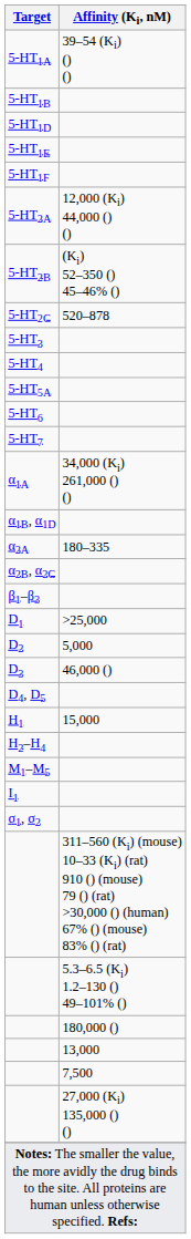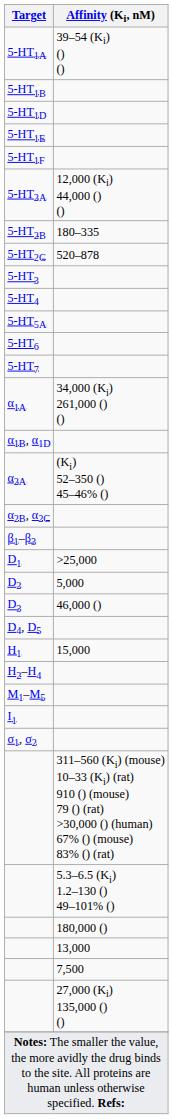 <table class="wikitable floatleft" style="font-size:small;">
 <tr>
 <th><a href='#'>Target</a></th>
 <th><a href='#'>Affinity</a> (K<sub>i</sub>, nM)</th>
 </tr>
 <tr>
 <td><a href='#'>5-HT<sub>1A</sub></a></td>
 <td>39–54 (K<sub>i</sub>)<br> ()<br> ()</td>
 </tr>
 <tr>
 <td><a href='#'>5-HT<sub>1B</sub></a></td>
 <td></td>
 </tr>
 <tr>
 <td><a href='#'>5-HT<sub>1D</sub></a></td>
 <td></td>
 </tr>
 <tr>
 <td><a href='#'>5-HT<sub>1E</sub></a></td>
 <td></td>
 </tr>
 <tr>
 <td><a href='#'>5-HT<sub>1F</sub></a></td>
 <td></td>
 </tr>
 <tr>
 <td><a href='#'>5-HT<sub>2A</sub></a></td>
 <td>12,000 (K<sub>i</sub>)<br>44,000 ()<br> ()</td>
 </tr>
 <tr>
 <td><a href='#'>5-HT<sub>2B</sub></a></td>
-<td> (K<sub>i</sub>)<br>52–350 ()<br>45–46% ()</td>
+<td>180–335</td>
 </tr>
 <tr>
 <td><a href='#'>5-HT<sub>2C</sub></a></td>
 <td>520–878</td>
 </tr>
 <tr>
 <td><a href='#'>5-HT<sub>3</sub></a></td>
 <td></td>
 </tr>
 <tr>
 <td><a href='#'>5-HT<sub>4</sub></a></td>
 <td></td>
 </tr>
 <tr>
 <td><a href='#'>5-HT<sub>5A</sub></a></td>
 <td></td>
 </tr>
 <tr>
 <td><a href='#'>5-HT<sub>6</sub></a></td>
 <td></td>
 </tr>
 <tr>
 <td><a href='#'>5-HT<sub>7</sub></a></td>
 <td></td>
 </tr>
 <tr>
 <td><a href='#'>α<sub>1A</sub></a></td>
 <td>34,000 (K<sub>i</sub>)<br>261,000 ()<br> ()</td>
 </tr>
 <tr>
 <td><a href='#'>α<sub>1B</sub></a>, <a href='#'>α<sub>1D</sub></a></td>
 <td></td>
 </tr>
 <tr>
 <td><a href='#'>α<sub>2A</sub></a></td>
-<td>180–335</td>
+<td> (K<sub>i</sub>)<br>52–350 ()<br>45–46% ()</td>
 </tr>
 <tr>
 <td><a href='#'>α<sub>2B</sub></a>, <a href='#'>α<sub>2C</sub></a></td>
 <td></td>
 </tr>
 <tr>
 <td><a href='#'>β<sub>1</sub></a>–<a href='#'>β<sub>3</sub></a></td>
 <td></td>
 </tr>
 <tr>
 <td><a href='#'>D<sub>1</sub></a></td>
 <td>>25,000</td>
 </tr>
 <tr>
 <td><a href='#'>D<sub>2</sub></a></td>
 <td>5,000</td>
 </tr>
 <tr>
 <td><a href='#'>D<sub>3</sub></a></td>
 <td>46,000 ()</td>
 </tr>
 <tr>
 <td><a href='#'>D<sub>4</sub></a>, <a href='#'>D<sub>5</sub></a></td>
 <td></td>
 </tr>
 <tr>
 <td><a href='#'>H<sub>1</sub></a></td>
 <td>15,000</td>
 </tr>
 <tr>
 <td><a href='#'>H<sub>2</sub></a>–<a href='#'>H<sub>4</sub></a></td>
 <td></td>
 </tr>
 <tr>
 <td><a href='#'>M<sub>1</sub></a>–<a href='#'>M<sub>5</sub></a></td>
 <td></td>
 </tr>
 <tr>
 <td><a href='#'>I<sub>1</sub></a></td>
 <td></td>
 </tr>
 <tr>
 <td><a href='#'>σ<sub>1</sub></a>, <a href='#'>σ<sub>2</sub></a></td>
 <td></td>
 </tr>
 <tr>
 <td></td>
 <td>311–560 (K<sub>i</sub>) (mouse)<br>10–33 (K<sub>i</sub>) (rat)<br>910 () (mouse)<br>79 () (rat)<br>>30,000 () (human)<br>67% () (mouse)<br>83% () (rat)</td>
 </tr>
 <tr>
 <td></td>
 <td>5.3–6.5 (K<sub>i</sub>)<br>1.2–130 ()<br>49–101% ()</td>
 </tr>
 <tr>
 <td></td>
 <td>180,000 ()</td>
 </tr>
 <tr>
 <td></td>
 <td>13,000</td>
 </tr>
 <tr>
 <td></td>
 <td>7,500</td>
 </tr>
 <tr>
 <td></td>
 <td>27,000 (K<sub>i</sub>)<br>135,000 ()<br> ()</td>
 </tr>
 <tr>
 </tr>
 <tr class="sortbottom">
 <td colspan="2" style="width: 1px; background-color:#eaecf0; text-align: center;"><strong>Notes:</strong> The smaller the value, the more avidly the drug binds to the site. All proteins are human unless otherwise specified. <strong>Refs:</strong> </td>
 </tr>
 </table>
